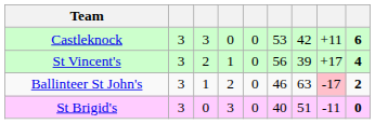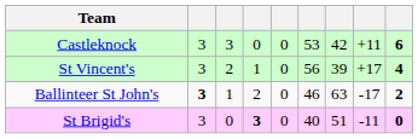 <table class="wikitable" style="text-align:center">
 <tr>
 <th style="width:175px;">Team</th>
 <th width="20"></th>
 <th width="20"></th>
 <th width="20"></th>
 <th width="20"></th>
 <th width="20"></th>
 <th width="20"></th>
 <th width="20"></th>
 <th width="20"></th>
 </tr>
 <tr style="background:#cfc">
 <td><a href='#'>Castleknock</a></td>
 <td>3</td>
 <td>3</td>
 <td>0</td>
 <td>0</td>
 <td>53</td>
 <td>42</td>
 <td>+11</td>
 <td><strong>6</strong></td>
 </tr>
 <tr style="background:#cfc;">
 <td><a href='#'>St Vincent's</a></td>
 <td>3</td>
 <td>2</td>
 <td>1</td>
 <td>0</td>
 <td>56</td>
 <td>39</td>
 <td>+17</td>
 <td><strong>4</strong></td>
 </tr>
 <tr>
 <td><a href='#'>Ballinteer St John's</a></td>
-<td>3</td>
+<td><strong>3</strong></td>
 <td>1</td>
 <td>2</td>
 <td>0</td>
 <td>46</td>
 <td>63</td>
-<td style="background: pink;">-17</td>
+<td>-17</td>
 <td><strong>2</strong></td>
 </tr>
 <tr style="background:#fcf;">
 <td><a href='#'>St Brigid's</a></td>
 <td>3</td>
 <td>0</td>
-<td>3</td>
+<td><strong>3</strong></td>
 <td>0</td>
 <td>40</td>
 <td>51</td>
 <td>-11</td>
 <td><strong>0</strong></td>
 </tr>
 </table>
